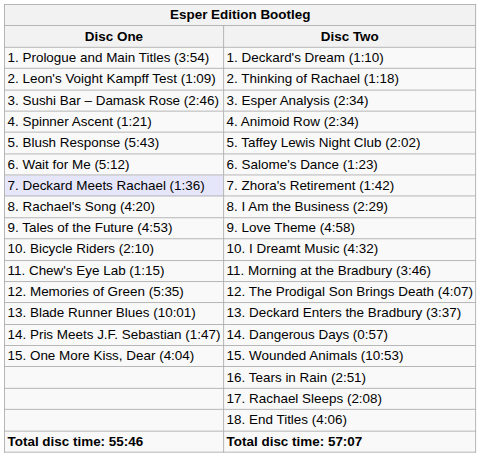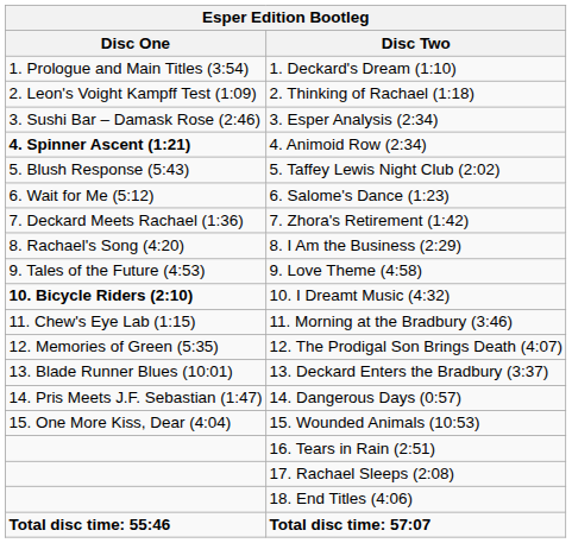 <table class="wikitable">
 <tr>
 <th colspan=2>Esper Edition Bootleg</th>
 </tr>
 <tr>
 <th>Disc One</th>
 <th>Disc Two</th>
 </tr>
 <tr>
 <td>1. Prologue and Main Titles (3:54)</td>
 <td>1. Deckard's Dream (1:10)</td>
 </tr>
 <tr>
 <td>2. Leon's Voight Kampff Test (1:09)</td>
 <td>2. Thinking of Rachael (1:18)</td>
 </tr>
 <tr>
 <td>3. Sushi Bar – Damask Rose (2:46)</td>
 <td>3. Esper Analysis (2:34)</td>
 </tr>
 <tr>
-<td>4. Spinner Ascent (1:21)</td>
+<td><strong>4. Spinner Ascent (1:21)</strong></td>
 <td>4. Animoid Row (2:34)</td>
 </tr>
 <tr>
 <td>5. Blush Response (5:43)</td>
 <td>5. Taffey Lewis Night Club (2:02)</td>
 </tr>
 <tr>
 <td>6. Wait for Me (5:12)</td>
 <td>6. Salome's Dance (1:23)</td>
 </tr>
 <tr>
-<td style="background: lavender;">7. Deckard Meets Rachael (1:36)</td>
+<td>7. Deckard Meets Rachael (1:36)</td>
 <td>7. Zhora's Retirement (1:42)</td>
 </tr>
 <tr>
 <td>8. Rachael's Song (4:20)</td>
 <td>8. I Am the Business (2:29)</td>
 </tr>
 <tr>
 <td>9. Tales of the Future (4:53)</td>
 <td>9. Love Theme (4:58)</td>
 </tr>
 <tr>
-<td>10. Bicycle Riders (2:10)</td>
+<td><strong>10. Bicycle Riders (2:10)</strong></td>
 <td>10. I Dreamt Music (4:32)</td>
 </tr>
 <tr>
 <td>11. Chew's Eye Lab (1:15)</td>
 <td>11. Morning at the Bradbury (3:46)</td>
 </tr>
 <tr>
 <td>12. Memories of Green (5:35)</td>
 <td>12. The Prodigal Son Brings Death (4:07)</td>
 </tr>
 <tr>
 <td>13. Blade Runner Blues (10:01)</td>
 <td>13. Deckard Enters the Bradbury (3:37)</td>
 </tr>
 <tr>
 <td>14. Pris Meets J.F. Sebastian (1:47)</td>
 <td>14. Dangerous Days (0:57)</td>
 </tr>
 <tr>
 <td>15. One More Kiss, Dear (4:04)</td>
 <td>15. Wounded Animals (10:53)</td>
 </tr>
 <tr>
 <td></td>
 <td>16. Tears in Rain (2:51)</td>
 </tr>
 <tr>
 <td></td>
 <td>17. Rachael Sleeps (2:08)</td>
 </tr>
 <tr>
 <td></td>
 <td>18. End Titles (4:06)</td>
 </tr>
 <tr>
 <td><strong>Total disc time: 55:46</strong></td>
 <td><strong>Total disc time: 57:07</strong></td>
 </tr>
 </table>
